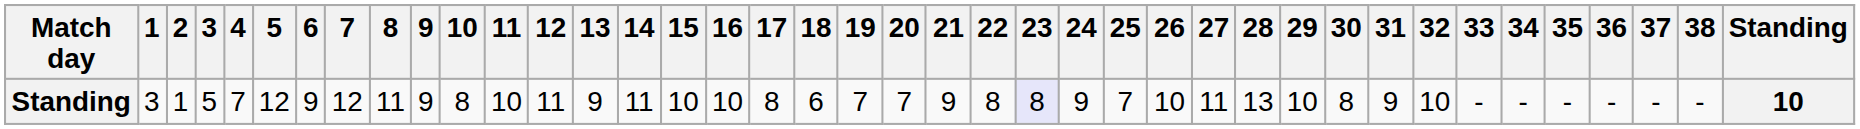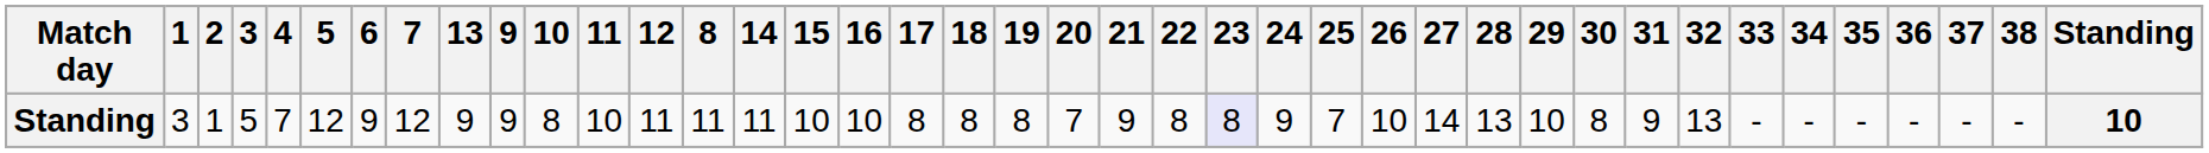 <table class="wikitable" style="width:100%; font-size:85%;">
 <tr valign=top>
 <th align=center>Match day</th>
 <th align=center>1</th>
 <th align=center>2</th>
 <th align=center>3</th>
 <th align=center>4</th>
 <th align=center>5</th>
 <th align=center>6</th>
 <th align=center>7</th>
-<th align=center>8</th>
+<th align=center>13</th>
 <th align=center>9</th>
 <th align=center>10</th>
 <th align=center>11</th>
 <th align=center>12</th>
-<th align=center>13</th>
+<th align=center>8</th>
 <th align=center>14</th>
 <th align=center>15</th>
 <th align=center>16</th>
 <th align=center>17</th>
 <th align=center>18</th>
 <th align=center>19</th>
 <th align=center>20</th>
 <th align=center>21</th>
 <th align=center>22</th>
 <th align=center>23</th>
 <th align=center>24</th>
 <th align=center>25</th>
 <th align=center>26</th>
 <th align=center>27</th>
 <th align=center>28</th>
 <th align=center>29</th>
 <th align=center>30</th>
 <th align=center>31</th>
 <th align=center>32</th>
 <th align=center>33</th>
 <th align=center>34</th>
 <th align=center>35</th>
 <th align=center>36</th>
 <th align=center>37</th>
 <th align=center>38</th>
 <th align=center><strong>Standing</strong></th>
 </tr>
 <tr>
 <th align=center>Standing</th>
 <td align=center>3</td>
 <td align=center>1</td>
 <td align=center>5</td>
 <td align=center>7</td>
 <td align=center>12</td>
 <td align=center>9</td>
 <td align=center>12</td>
-<td align=center>11</td>
+<td align=center>9</td>
 <td align=center>9</td>
 <td align=center>8</td>
 <td align=center>10</td>
 <td align=center>11</td>
-<td align=center>9</td>
+<td align=center>11</td>
 <td align=center>11</td>
 <td align=center>10</td>
 <td align=center>10</td>
 <td align=center>8</td>
-<td align=center>6</td>
-<td align=center>7</td>
+<td align=center>8</td>
+<td align=center>8</td>
 <td align=center>7</td>
 <td align=center>9</td>
 <td align=center>8</td>
 <td align=center style="background: lavender;">8</td>
 <td align=center>9</td>
 <td align=center>7</td>
 <td align=center>10</td>
-<td align=center>11</td>
+<td align=center>14</td>
 <td align=center>13</td>
 <td align=center>10</td>
 <td align=center>8</td>
 <td align=center>9</td>
-<td align=center>10</td>
+<td align=center>13</td>
 <td align=center>-</td>
 <td align=center>-</td>
 <td align=center>-</td>
 <td align=center>-</td>
 <td align=center>-</td>
 <td align=center>-</td>
 <th align=center><strong>10</strong></th>
 </tr>
 </table>
